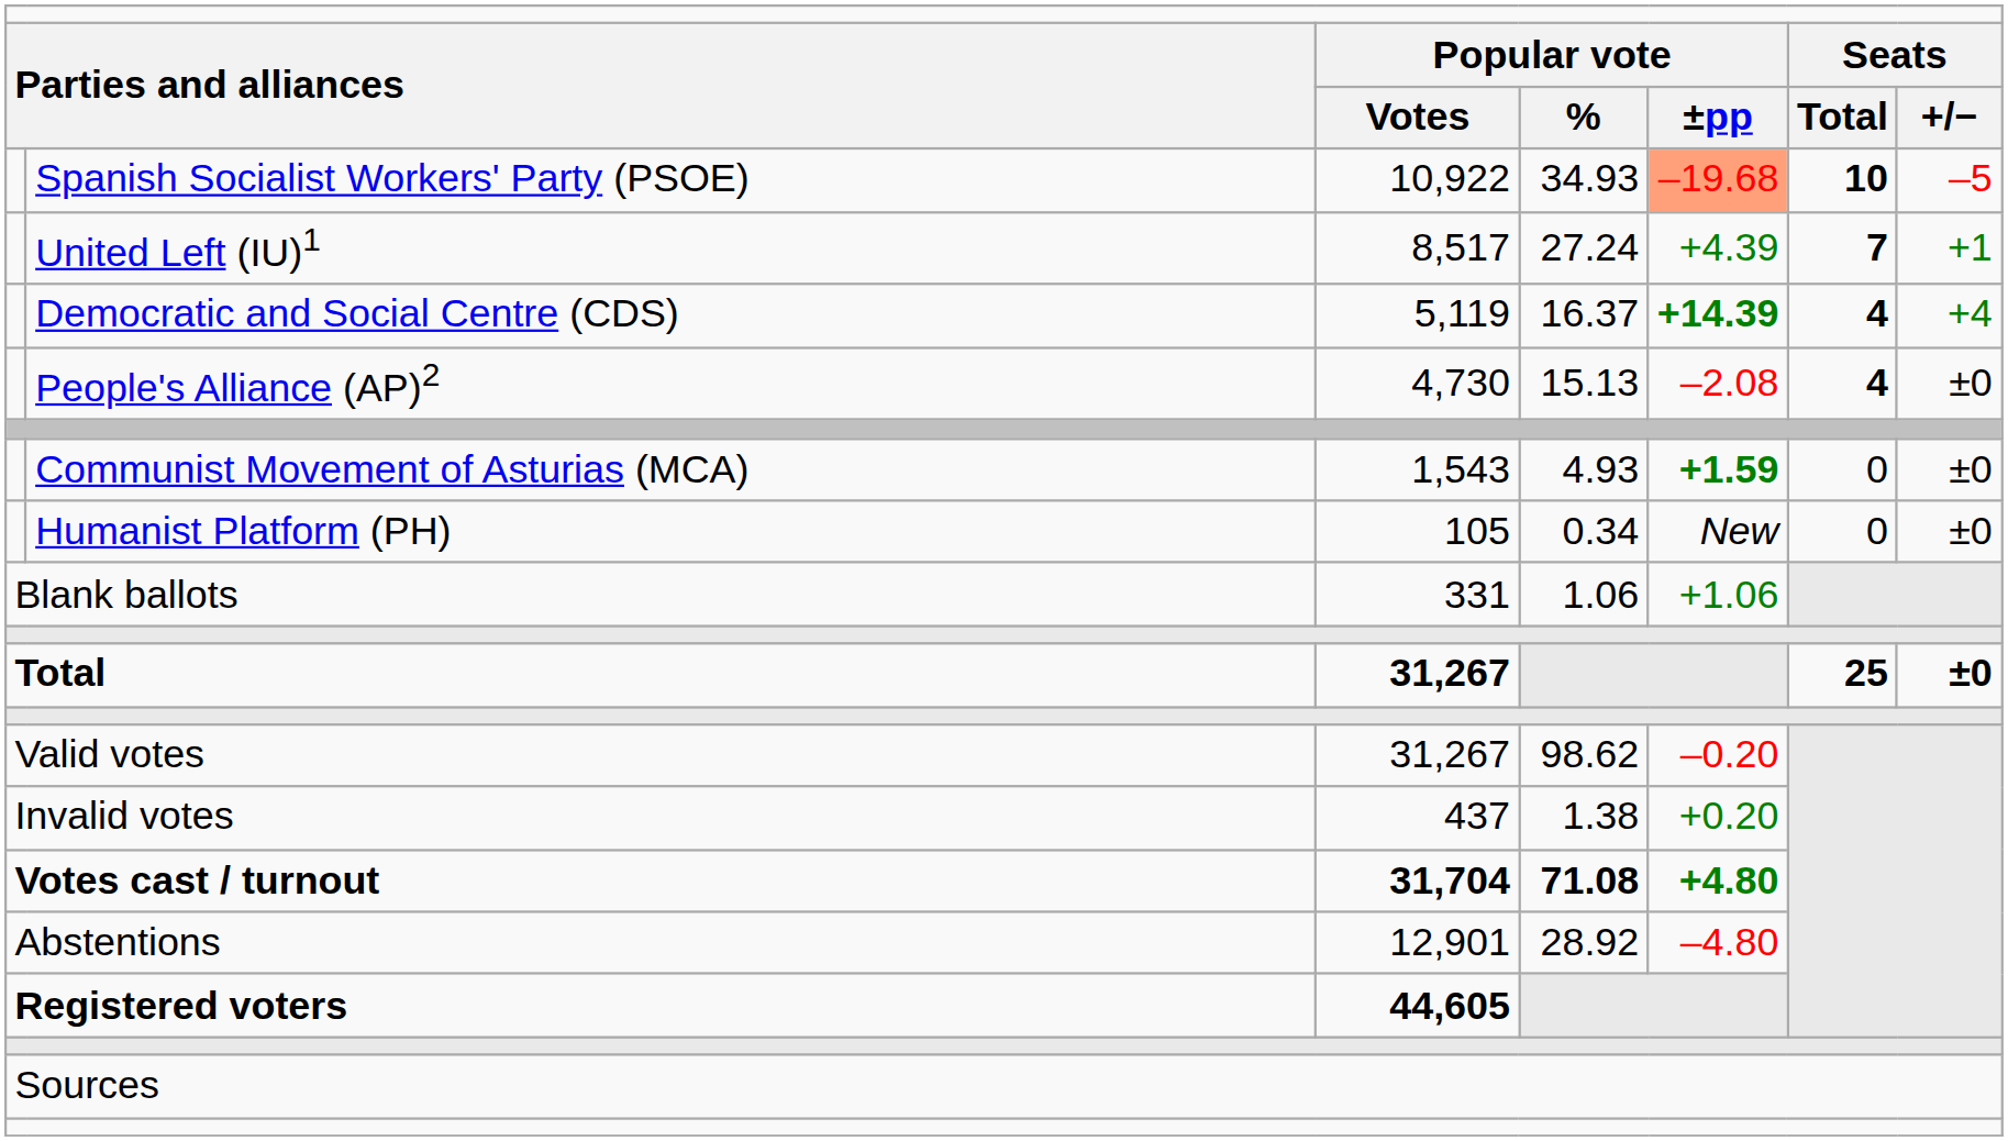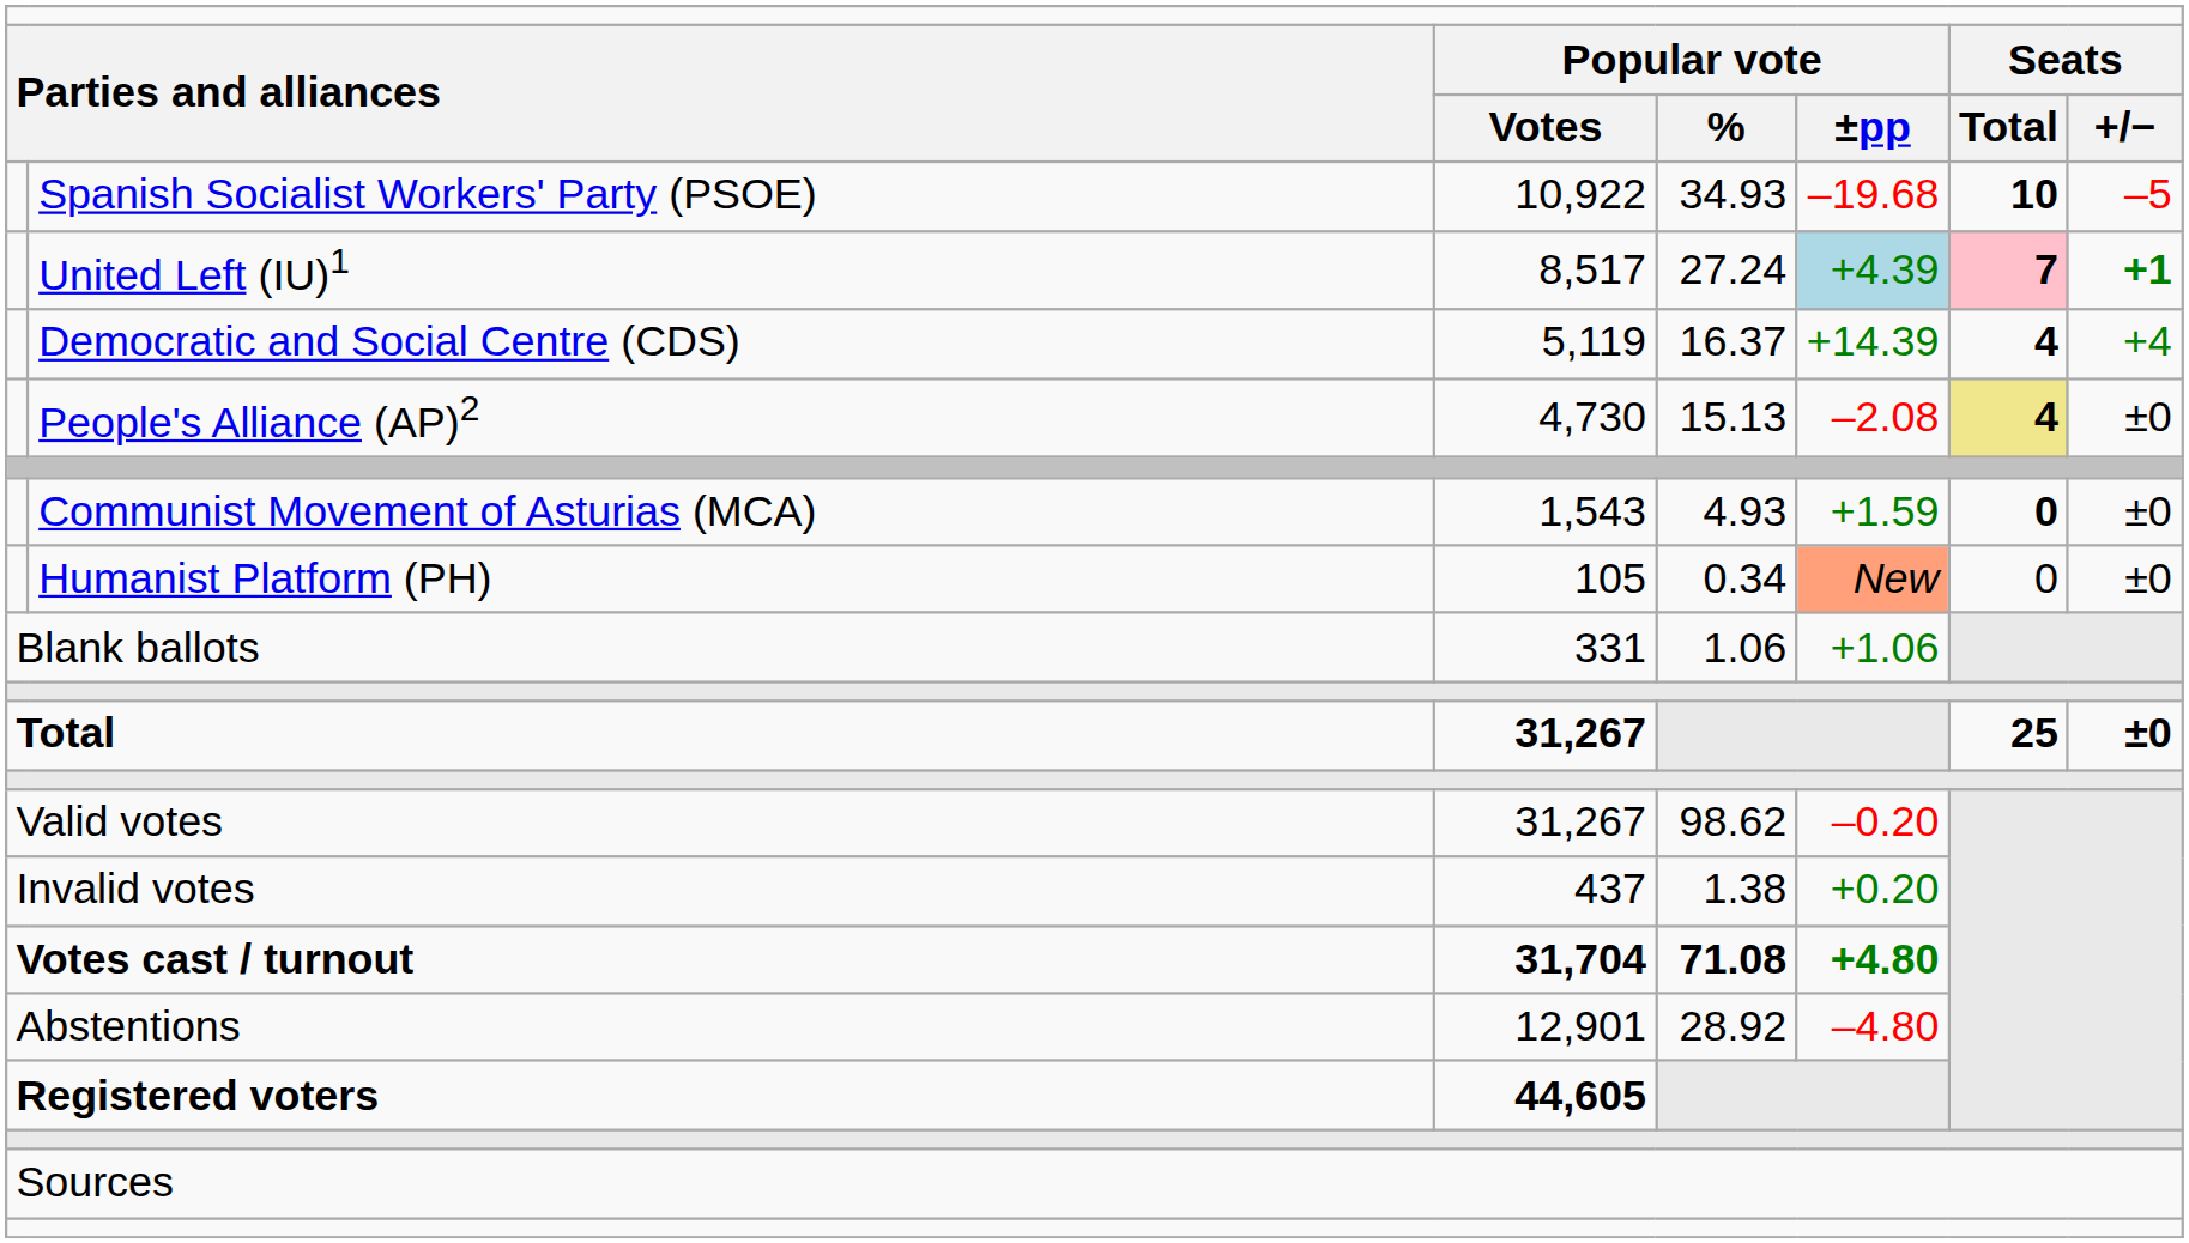 <table class="wikitable" style="text-align:right;">
 <tr>
 <td colspan="7"></td>
 </tr>
 <tr>
 <th style="text-align:left;" rowspan="2" colspan="2" width="525">Parties and alliances</th>
 <th colspan="3">Popular vote</th>
 <th colspan="2">Seats</th>
 </tr>
 <tr>
 <th width="75">Votes</th>
 <th width="45">%</th>
 <th width="45">±<a href='#'>pp</a></th>
 <th width="35">Total</th>
 <th width="35">+/−</th>
 </tr>
 <tr>
 <td width="1" style="color:inherit;background:"></td>
 <td align="left"><a href='#'>Spanish Socialist Workers' Party</a> (PSOE)</td>
 <td>10,922</td>
 <td>34.93</td>
-<td style="background: lightsalmon; color:red;">–19.68</td>
+<td style="color:red;">–19.68</td>
 <td><strong>10</strong></td>
 <td style="color:red;">–5</td>
 </tr>
 <tr>
 <td style="color:inherit;background:"></td>
 <td align="left"><a href='#'>United Left</a> (IU)<sup>1</sup></td>
 <td>8,517</td>
 <td>27.24</td>
-<td style="color:green;">+4.39</td>
-<td><strong>7</strong></td>
-<td style="color:green;">+1</td>
+<td style="background: lightblue; color:green;">+4.39</td>
+<td style="background: pink;"><strong>7</strong></td>
+<td style="color:green;"><strong>+1</strong></td>
 </tr>
 <tr>
 <td style="color:inherit;background:"></td>
 <td align="left"><a href='#'>Democratic and Social Centre</a> (CDS)</td>
 <td>5,119</td>
 <td>16.37</td>
-<td style="color:green;"><strong>+14.39</strong></td>
+<td style="color:green;">+14.39</td>
 <td><strong>4</strong></td>
 <td style="color:green;">+4</td>
 </tr>
 <tr>
 <td style="color:inherit;background:"></td>
 <td align="left"><a href='#'>People's Alliance</a> (AP)<sup>2</sup></td>
 <td>4,730</td>
 <td>15.13</td>
 <td style="color:red;">–2.08</td>
-<td><strong>4</strong></td>
+<td style="background: khaki;"><strong>4</strong></td>
 <td>±0</td>
 </tr>
 <tr>
 <td colspan="7" bgcolor="#C0C0C0"></td>
 </tr>
 <tr>
 <td style="color:inherit;background:"></td>
 <td align="left"><a href='#'>Communist Movement of Asturias</a> (MCA)</td>
 <td>1,543</td>
 <td>4.93</td>
-<td style="color:green;"><strong>+1.59</strong></td>
-<td>0</td>
+<td style="color:green;">+1.59</td>
+<td><strong>0</strong></td>
 <td>±0</td>
 </tr>
 <tr>
 <td style="color:inherit;background:"></td>
 <td align="left"><a href='#'>Humanist Platform</a> (PH)</td>
 <td>105</td>
 <td>0.34</td>
-<td><em>New</em></td>
+<td style="background: lightsalmon;"><em>New</em></td>
 <td>0</td>
 <td>±0</td>
 </tr>
 <tr>
 <td align="left" colspan="2">Blank ballots</td>
 <td>331</td>
 <td>1.06</td>
 <td style="color:green;">+1.06</td>
 <td bgcolor="#E9E9E9" colspan="2"></td>
 </tr>
 <tr>
 <td colspan="7" bgcolor="#E9E9E9"></td>
 </tr>
 <tr style="font-weight:bold;">
 <td align="left" colspan="2">Total</td>
 <td>31,267</td>
 <td bgcolor="#E9E9E9" colspan="2"></td>
 <td>25</td>
 <td>±0</td>
 </tr>
 <tr>
 <td colspan="7" bgcolor="#E9E9E9"></td>
 </tr>
 <tr>
 <td align="left" colspan="2">Valid votes</td>
 <td>31,267</td>
 <td>98.62</td>
 <td style="color:red;">–0.20</td>
 <td bgcolor="#E9E9E9" colspan="2" rowspan="5"></td>
 </tr>
 <tr>
 <td align="left" colspan="2">Invalid votes</td>
 <td>437</td>
 <td>1.38</td>
 <td style="color:green;">+0.20</td>
 </tr>
 <tr style="font-weight:bold;">
 <td align="left" colspan="2">Votes cast / turnout</td>
 <td>31,704</td>
 <td>71.08</td>
 <td style="color:green;">+4.80</td>
 </tr>
 <tr>
 <td align="left" colspan="2">Abstentions</td>
 <td>12,901</td>
 <td>28.92</td>
 <td style="color:red;">–4.80</td>
 </tr>
 <tr style="font-weight:bold;">
 <td align="left" colspan="2">Registered voters</td>
 <td>44,605</td>
 <td bgcolor="#E9E9E9" colspan="2"></td>
 </tr>
 <tr>
 <td colspan="7" bgcolor="#E9E9E9"></td>
 </tr>
 <tr>
 <td align="left" colspan="7">Sources</td>
 </tr>
 <tr>
 <td colspan="7" style="text-align:left; max-width:790px;"></td>
 </tr>
 </table>
